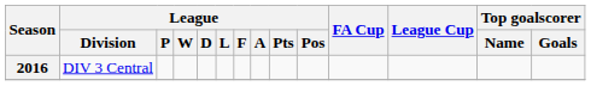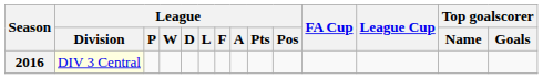 <table class="wikitable" style="text-align: center">
 <tr>
 <th rowspan=2>Season</th>
 <th colspan=9>League</th>
 <th rowspan=2><a href='#'>FA Cup</a></th>
 <th rowspan=2><a href='#'>League Cup</a></th>
 <th colspan=2>Top goalscorer</th>
 </tr>
 <tr>
 <th>Division</th>
 <th>P</th>
 <th>W</th>
 <th>D</th>
 <th>L</th>
 <th>F</th>
 <th>A</th>
 <th>Pts</th>
 <th>Pos</th>
 <th>Name</th>
 <th>Goals</th>
 </tr>
 <tr>
 <th>2016</th>
-<td><a href='#'>DIV 3 Central</a></td>
+<td style="background: lightyellow;"><a href='#'>DIV 3 Central</a></td>
 <td></td>
 <td></td>
 <td></td>
 <td></td>
 <td></td>
 <td></td>
 <td></td>
 <td></td>
 <td></td>
 <td></td>
 <td></td>
 <td></td>
 </tr>
 <tr>
 </tr>
 </table>
